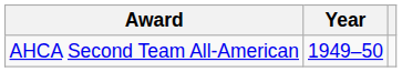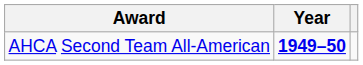 <table class="wikitable">
 <tr>
 <th>Award</th>
 <th>Year</th>
 <th></th>
 </tr>
 <tr>
 <td><a href='#'>AHCA</a> <a href='#'>Second Team All-American</a></td>
-<td><a href='#'>1949–50</a></td>
+<td><strong><a href='#'>1949–50</a></strong></td>
 <td></td>
 </tr>
 </table>
